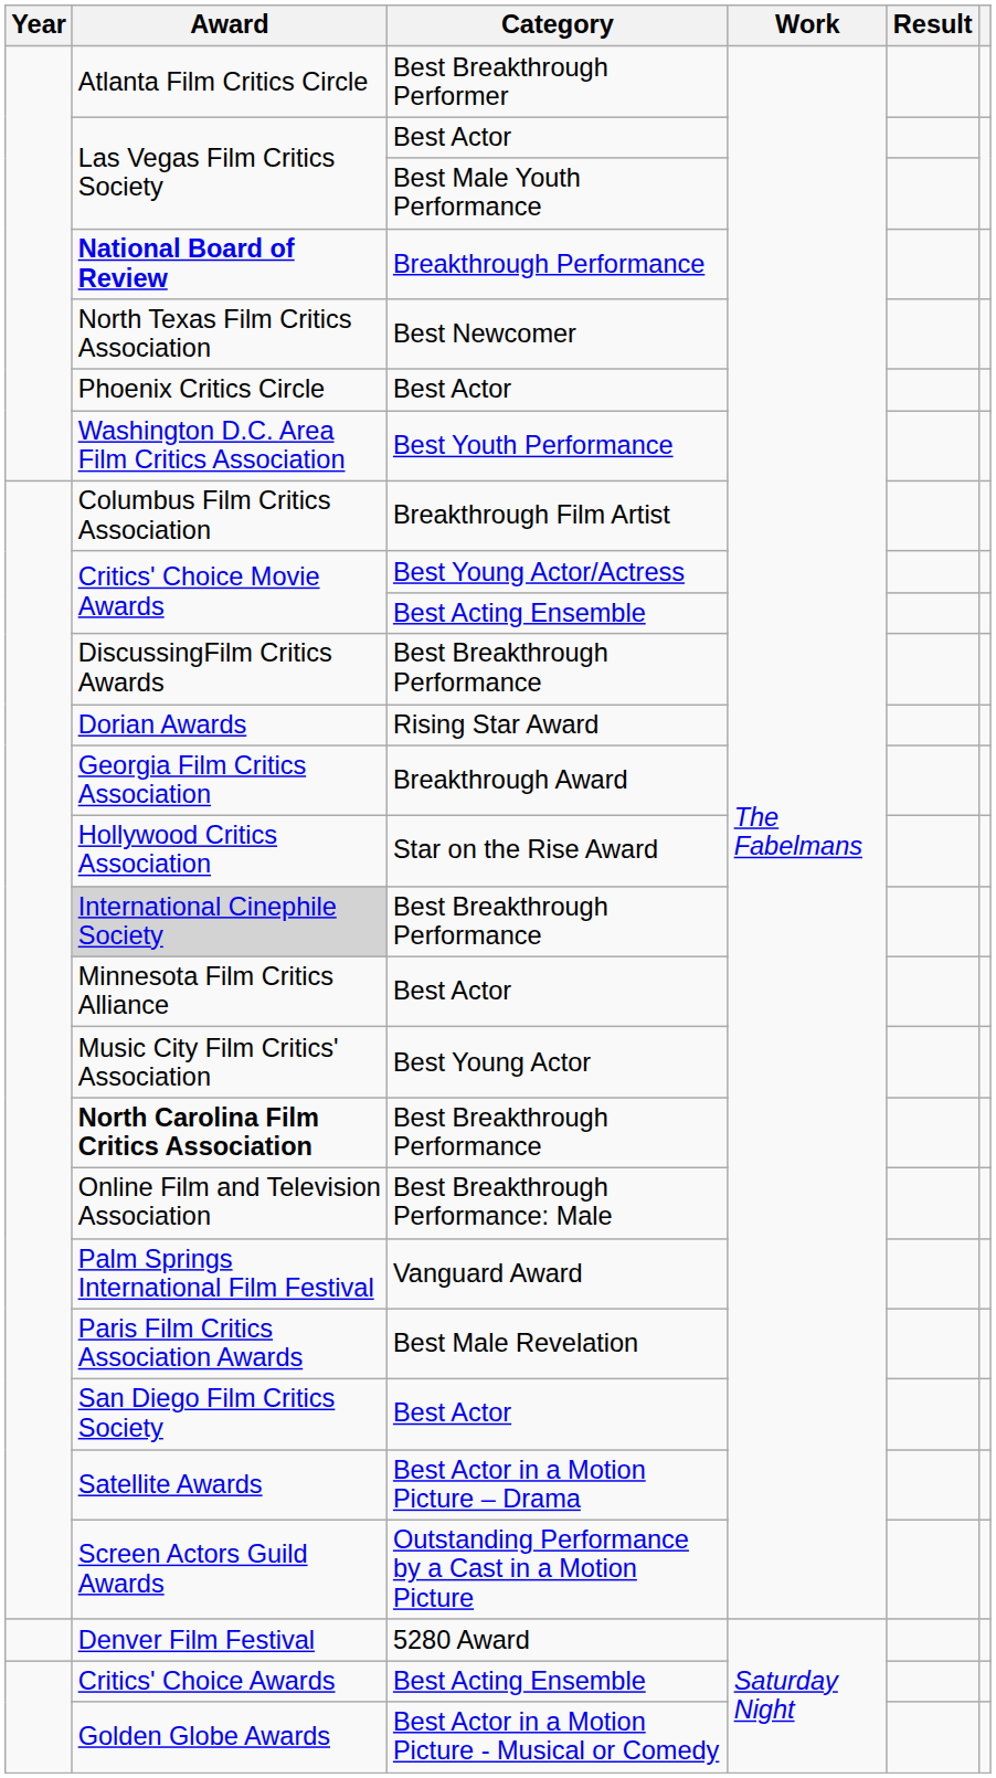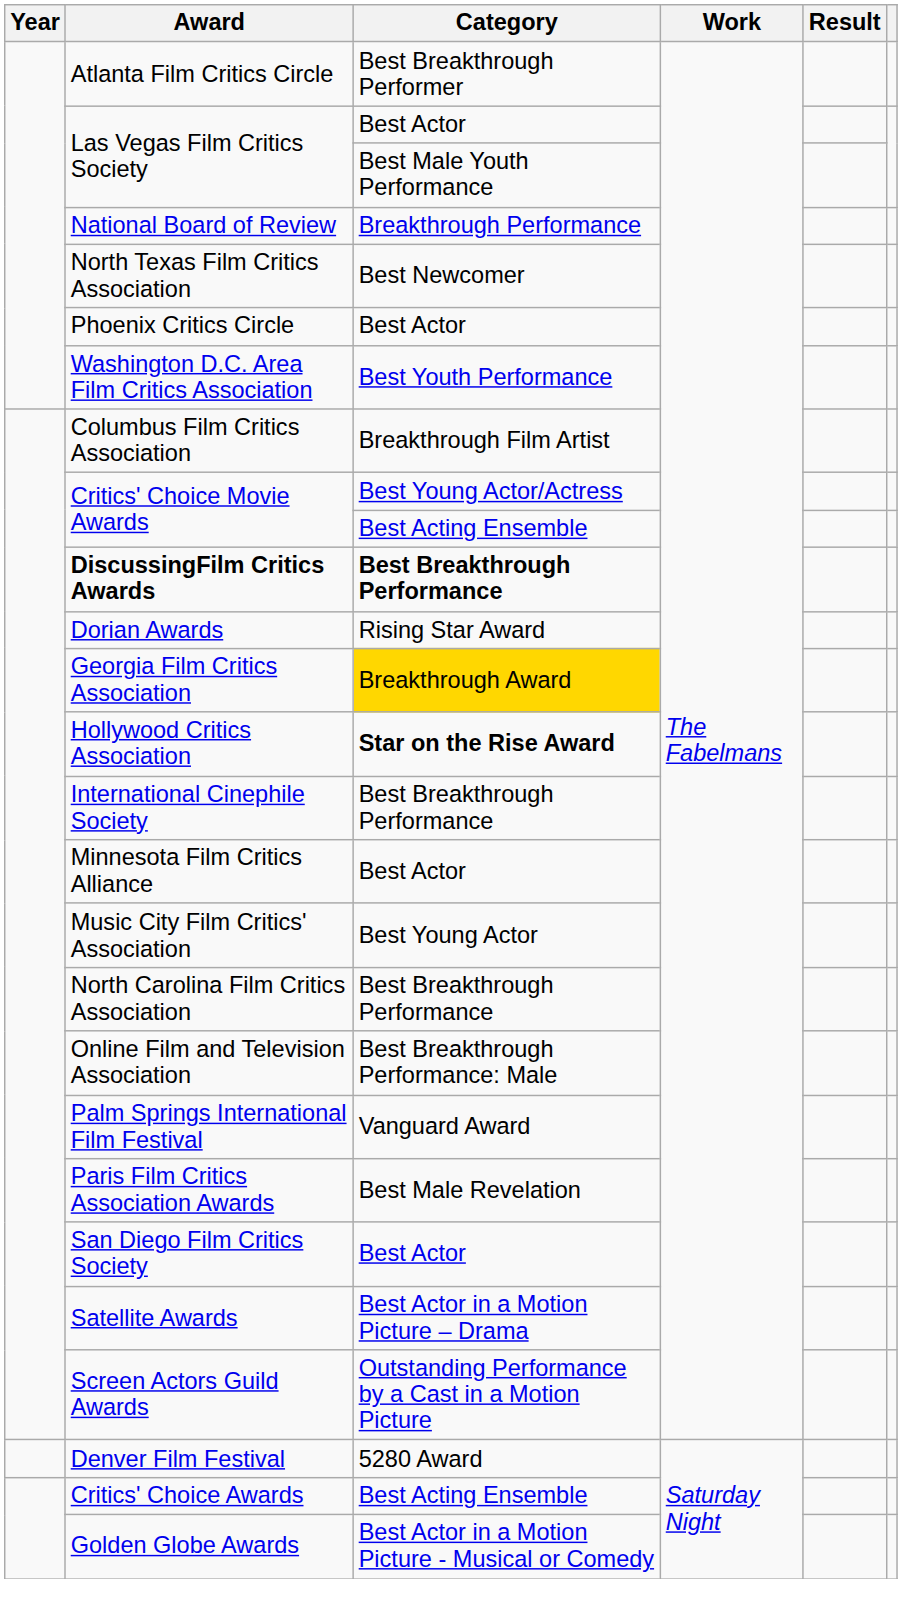 <table class="wikitable sortable">
 <tr>
 <th scope="col">Year</th>
 <th scope="col">Award</th>
 <th scope="col">Category</th>
 <th scope="col">Work</th>
 <th scope="col">Result</th>
 <th scope="col" class="unsortable"></th>
 </tr>
 <tr>
 <td rowspan="7"></td>
 <td>Atlanta Film Critics Circle</td>
 <td>Best Breakthrough Performer</td>
 <td rowspan="24"><em><a href='#'>The Fabelmans</a></em></td>
 <td></td>
 <td style="text-align: center;"></td>
 </tr>
 <tr>
 <td rowspan="2">Las Vegas Film Critics Society</td>
 <td>Best Actor</td>
 <td></td>
 <td style="text-align:center;" rowspan="2"></td>
 </tr>
 <tr>
 <td>Best Male Youth Performance</td>
 <td></td>
 </tr>
 <tr>
-<td><strong><a href='#'>National Board of Review</a></strong></td>
+<td><a href='#'>National Board of Review</a></td>
 <td><a href='#'>Breakthrough Performance</a></td>
 <td></td>
 <td style="text-align: center;"></td>
 </tr>
 <tr>
 <td>North Texas Film Critics Association</td>
 <td>Best Newcomer</td>
 <td></td>
 <td style="text-align: center;"></td>
 </tr>
 <tr>
 <td>Phoenix Critics Circle</td>
 <td>Best Actor</td>
 <td></td>
 <td style="text-align: center;"></td>
 </tr>
 <tr>
 <td><a href='#'>Washington D.C. Area Film Critics Association</a></td>
 <td><a href='#'>Best Youth Performance</a></td>
 <td></td>
 <td style="text-align: center;"></td>
 </tr>
 <tr>
 <td rowspan="17"></td>
 <td>Columbus Film Critics Association</td>
 <td>Breakthrough Film Artist</td>
 <td></td>
 <td style="text-align: center;"></td>
 </tr>
 <tr>
 <td rowspan="2"><a href='#'>Critics' Choice Movie Awards</a></td>
 <td><a href='#'>Best Young Actor/Actress</a></td>
 <td></td>
 <td rowapan="2" style="text-align: center;"></td>
 </tr>
 <tr>
 <td><a href='#'>Best Acting Ensemble</a></td>
 <td></td>
 </tr>
 <tr>
-<td>DiscussingFilm Critics Awards</td>
-<td>Best Breakthrough Performance</td>
+<td><strong>DiscussingFilm Critics Awards</strong></td>
+<td><strong>Best Breakthrough Performance</strong></td>
 <td></td>
 <td style="text-align: center;"></td>
 </tr>
 <tr>
 <td><a href='#'>Dorian Awards</a></td>
 <td>Rising Star Award</td>
 <td></td>
 <td style="text-align: center;"></td>
 </tr>
 <tr>
 <td><a href='#'>Georgia Film Critics Association</a></td>
-<td>Breakthrough Award</td>
+<td style="background: gold;">Breakthrough Award</td>
 <td></td>
 <td style="text-align:center;"></td>
 </tr>
 <tr>
 <td><a href='#'>Hollywood Critics Association</a></td>
-<td>Star on the Rise Award</td>
+<td><strong>Star on the Rise Award</strong></td>
 <td></td>
 <td style="text-align:center;"></td>
 </tr>
 <tr>
-<td style="background: lightgrey;"><a href='#'>International Cinephile Society</a></td>
+<td><a href='#'>International Cinephile Society</a></td>
 <td>Best Breakthrough Performance</td>
 <td></td>
 <td style="text-align: center;"></td>
 </tr>
 <tr>
 <td>Minnesota Film Critics Alliance</td>
 <td>Best Actor</td>
 <td></td>
 <td style="text-align:center;"></td>
 </tr>
 <tr>
 <td>Music City Film Critics' Association</td>
 <td>Best Young Actor</td>
 <td></td>
 <td style="text-align: center;"></td>
 </tr>
 <tr>
-<td><strong>North Carolina Film Critics Association</strong></td>
+<td>North Carolina Film Critics Association</td>
 <td>Best Breakthrough Performance</td>
 <td></td>
 <td style="text-align: center;"></td>
 </tr>
 <tr>
 <td>Online Film and Television Association</td>
 <td>Best Breakthrough Performance: Male</td>
 <td></td>
 <td style="text-align:center;"></td>
 </tr>
 <tr>
 <td><a href='#'>Palm Springs International Film Festival</a></td>
 <td>Vanguard Award</td>
 <td></td>
 </tr>
 <tr>
 <td><a href='#'>Paris Film Critics Association Awards</a></td>
 <td>Best Male Revelation</td>
 <td></td>
 <td style="text-align: center;"></td>
 </tr>
 <tr>
 <td><a href='#'>San Diego Film Critics Society</a></td>
 <td><a href='#'>Best Actor</a></td>
 <td></td>
 <td style="text-align: center;"></td>
 </tr>
 <tr>
 <td><a href='#'>Satellite Awards</a></td>
 <td><a href='#'>Best Actor in a Motion Picture – Drama</a></td>
 <td></td>
 <td style="text-align: center;"><br></td>
 </tr>
 <tr>
 <td><a href='#'>Screen Actors Guild Awards</a></td>
 <td><a href='#'>Outstanding Performance by a Cast in a Motion Picture</a></td>
 <td></td>
 <td align="center"></td>
 </tr>
 <tr>
 <td></td>
 <td><a href='#'>Denver Film Festival</a></td>
 <td>5280 Award</td>
 <td rowspan="3"><em><a href='#'>Saturday Night</a></em></td>
 <td></td>
 <td style="text-align: center;"></td>
 </tr>
 <tr>
 <td rowspan="2"></td>
 <td><a href='#'>Critics' Choice Awards</a></td>
 <td><a href='#'>Best Acting Ensemble</a></td>
 <td></td>
 <td align="center"></td>
 </tr>
 <tr>
 <td><a href='#'>Golden Globe Awards</a></td>
 <td><a href='#'>Best Actor in a Motion Picture - Musical or Comedy</a></td>
 <td></td>
 <td align="center"></td>
 </tr>
 </table>
